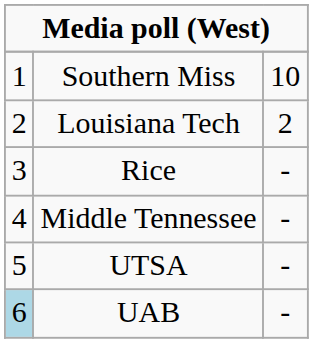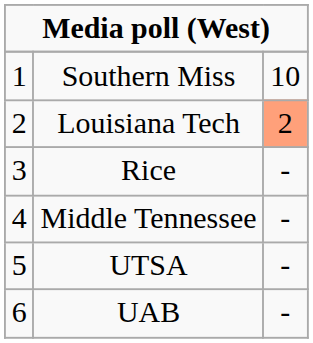 <table class="wikitable">
 <tr align="center">
 <td align="center" Colspan="3"><strong>Media poll (West)</strong></td>
 </tr>
 <tr align="center">
 </tr>
 <tr align="center">
 <td>1</td>
 <td>Southern Miss</td>
 <td>10</td>
 </tr>
 <tr align="center">
 <td>2</td>
 <td>Louisiana Tech</td>
-<td>2</td>
+<td style="background: lightsalmon;">2</td>
 </tr>
 <tr align="center">
 <td>3</td>
 <td>Rice</td>
 <td>-</td>
 </tr>
 <tr align="center">
 <td>4</td>
 <td>Middle Tennessee</td>
 <td>-</td>
 </tr>
 <tr align="center">
 <td>5</td>
 <td>UTSA</td>
 <td>-</td>
 </tr>
 <tr align="center">
-<td style="background: lightblue;">6</td>
+<td>6</td>
 <td>UAB</td>
 <td>-</td>
 </tr>
 </table>
